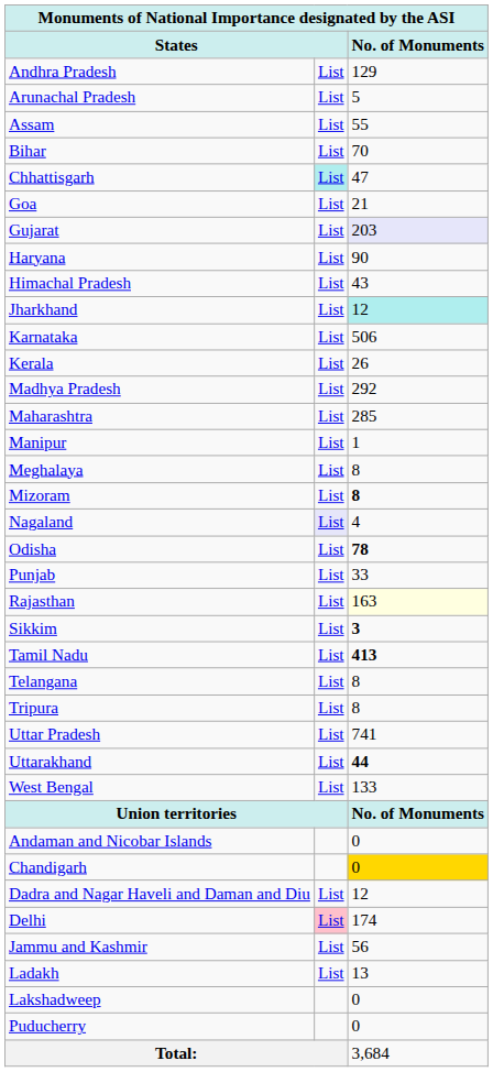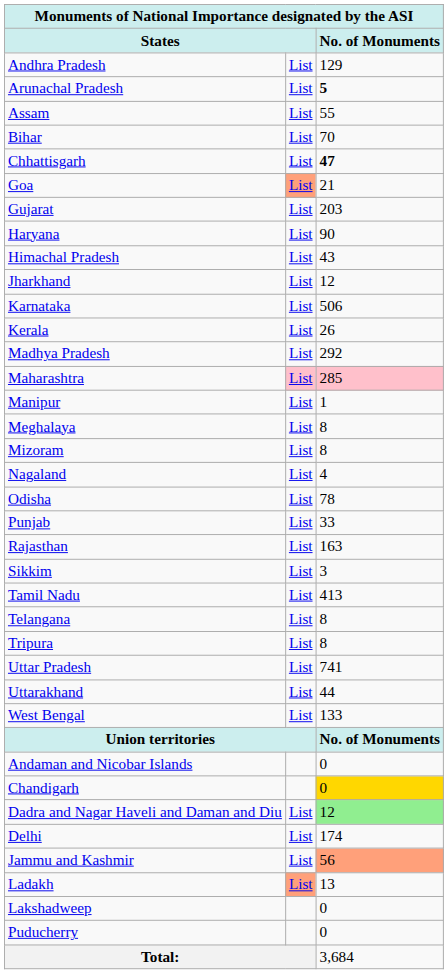 <table class="wikitable sortable">
 <tr>
 <th colspan="3" style="background-color: #CCEEEE;">Monuments of National Importance designated by the ASI</th>
 </tr>
 <tr>
 <th colspan="2" style="background-color: #CCEEEE;">States</th>
 <th style="background-color: #CCEEEE;">No. of Monuments</th>
 </tr>
 <tr>
 <td><a href='#'>Andhra Pradesh</a></td>
 <td><a href='#'>List</a></td>
 <td>129</td>
 </tr>
 <tr>
 <td><a href='#'>Arunachal Pradesh</a></td>
 <td><a href='#'>List</a></td>
-<td>5</td>
+<td><strong>5</strong></td>
 </tr>
 <tr>
 <td><a href='#'>Assam</a></td>
 <td><a href='#'>List</a></td>
 <td>55</td>
 </tr>
 <tr>
 <td><a href='#'>Bihar</a></td>
 <td><a href='#'>List</a></td>
 <td>70</td>
 </tr>
 <tr>
 <td><a href='#'>Chhattisgarh</a></td>
-<td style="background: paleturquoise;"><a href='#'>List</a></td>
-<td>47</td>
+<td><a href='#'>List</a></td>
+<td><strong>47</strong></td>
 </tr>
 <tr>
 <td><a href='#'>Goa</a></td>
-<td><a href='#'>List</a></td>
+<td style="background: lightsalmon;"><a href='#'>List</a></td>
 <td>21</td>
 </tr>
 <tr>
 <td><a href='#'>Gujarat</a></td>
 <td><a href='#'>List</a></td>
-<td style="background: lavender;">203</td>
+<td>203</td>
 </tr>
 <tr>
 <td><a href='#'>Haryana</a></td>
 <td><a href='#'>List</a></td>
 <td>90</td>
 </tr>
 <tr>
 <td><a href='#'>Himachal Pradesh</a></td>
 <td><a href='#'>List</a></td>
 <td>43</td>
 </tr>
 <tr>
 <td><a href='#'>Jharkhand</a></td>
 <td><a href='#'>List</a></td>
-<td style="background: paleturquoise;">12</td>
+<td>12</td>
 </tr>
 <tr>
 <td><a href='#'>Karnataka</a></td>
 <td><a href='#'>List</a></td>
 <td>506</td>
 </tr>
 <tr>
 <td><a href='#'>Kerala</a></td>
 <td><a href='#'>List</a></td>
 <td>26</td>
 </tr>
 <tr>
 <td><a href='#'>Madhya Pradesh</a></td>
 <td><a href='#'>List</a></td>
 <td>292</td>
 </tr>
 <tr>
 <td><a href='#'>Maharashtra</a></td>
-<td><a href='#'>List</a></td>
-<td>285</td>
+<td style="background: pink;"><a href='#'>List</a></td>
+<td style="background: pink;">285</td>
 </tr>
 <tr>
 <td><a href='#'>Manipur</a></td>
 <td><a href='#'>List</a></td>
 <td>1</td>
 </tr>
 <tr>
 <td><a href='#'>Meghalaya</a></td>
 <td><a href='#'>List</a></td>
 <td>8</td>
 </tr>
 <tr>
 <td><a href='#'>Mizoram</a></td>
 <td><a href='#'>List</a></td>
-<td><strong>8</strong></td>
+<td>8</td>
 </tr>
 <tr>
 <td><a href='#'>Nagaland</a></td>
-<td style="background: lavender;"><a href='#'>List</a></td>
+<td><a href='#'>List</a></td>
 <td>4</td>
 </tr>
 <tr>
 <td><a href='#'>Odisha</a></td>
 <td><a href='#'>List</a></td>
-<td><strong>78</strong></td>
+<td>78</td>
 </tr>
 <tr>
 <td><a href='#'>Punjab</a></td>
 <td><a href='#'>List</a></td>
 <td>33</td>
 </tr>
 <tr>
 <td><a href='#'>Rajasthan</a></td>
 <td><a href='#'>List</a></td>
-<td style="background: lightyellow;">163</td>
+<td>163</td>
 </tr>
 <tr>
 <td><a href='#'>Sikkim</a></td>
 <td><a href='#'>List</a></td>
-<td><strong>3</strong></td>
+<td>3</td>
 </tr>
 <tr>
 <td><a href='#'>Tamil Nadu</a></td>
 <td><a href='#'>List</a></td>
-<td><strong>413</strong></td>
+<td>413</td>
 </tr>
 <tr>
 <td><a href='#'>Telangana</a></td>
 <td><a href='#'>List</a></td>
 <td>8</td>
 </tr>
 <tr>
 <td><a href='#'>Tripura</a></td>
 <td><a href='#'>List</a></td>
 <td>8</td>
 </tr>
 <tr>
 <td><a href='#'>Uttar Pradesh</a></td>
 <td><a href='#'>List</a></td>
 <td>741</td>
 </tr>
 <tr>
 <td><a href='#'>Uttarakhand</a></td>
 <td><a href='#'>List</a></td>
-<td><strong>44</strong></td>
+<td>44</td>
 </tr>
 <tr>
 <td><a href='#'>West Bengal</a></td>
 <td><a href='#'>List</a></td>
 <td>133</td>
 </tr>
 <tr>
 <th colspan="2" style="background-color: #CCEEEE;">Union territories</th>
 <th style="background-color: #CCEEEE;">No. of Monuments</th>
 </tr>
 <tr>
 <td><a href='#'>Andaman and Nicobar Islands</a></td>
 <td></td>
 <td>0</td>
 </tr>
 <tr>
 <td><a href='#'>Chandigarh</a></td>
 <td></td>
 <td style="background: gold;">0</td>
 </tr>
 <tr>
 <td><a href='#'>Dadra and Nagar Haveli and Daman and Diu</a></td>
 <td><a href='#'>List</a></td>
-<td>12</td>
+<td style="background: lightgreen;">12</td>
 </tr>
 <tr>
 <td><a href='#'>Delhi</a></td>
-<td style="background: pink;"><a href='#'>List</a></td>
+<td><a href='#'>List</a></td>
 <td>174</td>
 </tr>
 <tr>
 <td><a href='#'>Jammu and Kashmir</a></td>
 <td><a href='#'>List</a></td>
-<td>56</td>
+<td style="background: lightsalmon;">56</td>
 </tr>
 <tr>
 <td><a href='#'>Ladakh</a></td>
-<td><a href='#'>List</a></td>
+<td style="background: lightsalmon;"><a href='#'>List</a></td>
 <td>13</td>
 </tr>
 <tr>
 <td><a href='#'>Lakshadweep</a></td>
 <td></td>
 <td>0</td>
 </tr>
 <tr>
 <td><a href='#'>Puducherry</a></td>
 <td></td>
 <td>0</td>
 </tr>
 <tr class="sortbottom">
 <th colspan=2>Total:</th>
 <td>3,684</td>
 </tr>
 </table>
